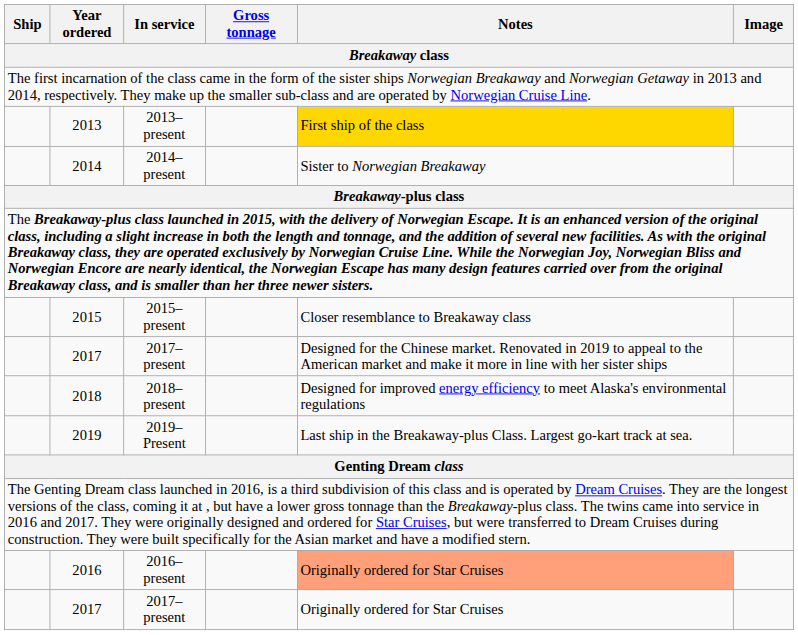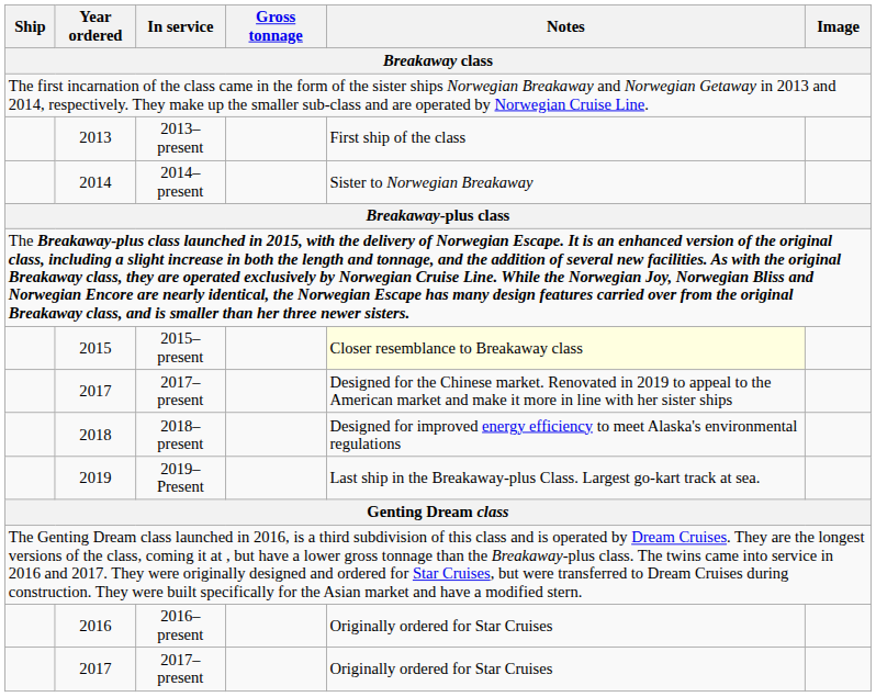 <table class="wikitable sortable">
 <tr>
 <th>Ship</th>
 <th>Year<br>ordered</th>
 <th>In service</th>
 <th><a href='#'>Gross tonnage</a></th>
 <th>Notes</th>
 <th>Image</th>
 </tr>
 <tr>
 <th colspan="8"><em>Breakaway</em> class</th>
 </tr>
 <tr>
 <td colspan="8">The first incarnation of the class came in the form of the sister ships <em>Norwegian Breakaway</em> and <em>Norwegian Getaway</em> in 2013 and 2014, respectively. They make up the smaller sub-class and are operated by <a href='#'>Norwegian Cruise Line</a>.</td>
 </tr>
 <tr>
 <td></td>
 <td style="text-align:Center;">2013</td>
 <td style="text-align:Center;">2013–present</td>
 <td style="text-align:Center;"></td>
-<td align="Left" style="background: gold;">First ship of the class</td>
+<td align="Left">First ship of the class</td>
 <td></td>
 </tr>
 <tr>
 <td></td>
 <td style="text-align:Center;">2014</td>
 <td style="text-align:Center;">2014–present</td>
 <td style="text-align:Center;"></td>
 <td align="Left">Sister to <em>Norwegian Breakaway</em></td>
 <td></td>
 </tr>
 <tr>
 <th colspan="8"><em>Breakaway</em>-plus class</th>
 </tr>
 <tr>
 <td colspan="8">The <strong><em>Breakaway<em>-plus class<strong> launched in 2015, with the delivery of </em>Norwegian Escape<em>. It is an enhanced version of the original class, including a slight increase in both the length and tonnage, and the addition of several new facilities. As with the original Breakaway class, they are operated exclusively by Norwegian Cruise Line. While the </em>Norwegian Joy<em>, </em>Norwegian Bliss<em> and </em>Norwegian Encore<em> are nearly identical, the </em>Norwegian Escape<em> has many design features carried over from the original </em>Breakaway<em> class, and is smaller than her three newer sisters.</td>
 </tr>
 <tr>
 <td></td>
 <td style="text-align:Center;">2015</td>
 <td style="text-align:Center;">2015–present</td>
 <td style="text-align:Center;"></td>
-<td align="Left">Closer resemblance to Breakaway class</td>
+<td align="Left" style="background: lightyellow;">Closer resemblance to Breakaway class</td>
 <td></td>
 </tr>
 <tr>
 <td></td>
 <td style="text-align:Center;">2017</td>
 <td style="text-align:Center;">2017–present</td>
 <td style="text-align:Center;"></td>
 <td align="Left">Designed for the Chinese market. Renovated in 2019 to appeal to the American market and make it more in line with her sister ships</td>
 <td></td>
 </tr>
 <tr>
 <td></td>
 <td style="text-align:Center;">2018</td>
 <td style="text-align:Center;">2018–present</td>
 <td style="text-align:Center;"></td>
 <td align="Left">Designed for improved <a href='#'>energy efficiency</a> to meet Alaska's environmental regulations</td>
 <td></td>
 </tr>
 <tr>
 <td></td>
 <td style="text-align:Center;">2019</td>
 <td style="text-align:Center;">2019–Present</td>
 <td style="text-align:Center;"></td>
 <td align="Left">Last ship in the Breakaway-plus Class. Largest go-kart track at sea.</td>
 <td></td>
 </tr>
 <tr>
 <th colspan="8"></em>Genting Dream<em> class</th>
 </tr>
 <tr>
 <td colspan="8">The </em></strong>Genting Dream</em> class</strong> launched in 2016, is a third subdivision of this class and is operated by <a href='#'>Dream Cruises</a>. They are the longest versions of the class, coming it at , but have a lower gross tonnage than the <em>Breakaway</em>-plus class. The twins came into service in 2016 and 2017. They were originally designed and ordered for <a href='#'>Star Cruises</a>, but were transferred to Dream Cruises during construction. They were built specifically for the Asian market and have a modified stern.</td>
 </tr>
 <tr>
 <td></td>
 <td style="text-align:Center;">2016</td>
 <td style="text-align:Center;">2016–present</td>
 <td style="text-align:Center;"></td>
-<td align="Left" style="background: lightsalmon;">Originally ordered for Star Cruises</td>
+<td align="Left">Originally ordered for Star Cruises</td>
 <td></td>
 </tr>
 <tr>
 <td></td>
 <td style="text-align:Center;">2017</td>
 <td style="text-align:Center;">2017–present</td>
 <td style="text-align:Center;"></td>
 <td align="Left">Originally ordered for Star Cruises</td>
 <td></td>
 </tr>
 </table>
